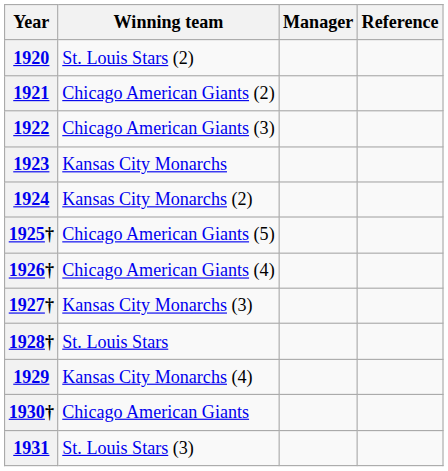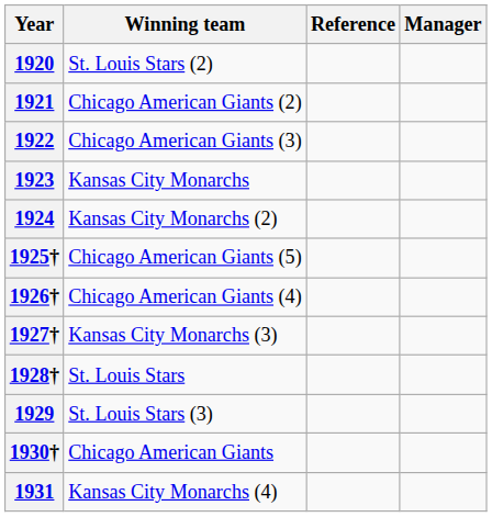 <table class="wikitable sortable plainrowheaders" style="font-size:1.00em; line-height:1.5em;">
 <tr>
 <th scope="col">Year</th>
 <th scope="col">Winning team</th>
+<th scope="col">Reference</th>
 <th scope="col">Manager</th>
-<th scope="col">Reference</th>
 </tr>
 <tr>
 <th scope="row" style="text-align:center"><a href='#'>1920</a></th>
 <td align="left" style="#d0e7ff"><a href='#'>St. Louis Stars</a> (2)</td>
+<td></td>
 <td align="left"></td>
-<td></td>
 </tr>
 <tr>
 <th scope="row" style="text-align:center"><a href='#'>1921</a></th>
 <td align="left"><a href='#'>Chicago American Giants</a> (2)</td>
+<td></td>
 <td align="left"></td>
-<td></td>
 </tr>
 <tr>
 <th scope="row" style="text-align:center"><a href='#'>1922</a></th>
 <td align="left"><a href='#'>Chicago American Giants</a> (3)</td>
+<td></td>
 <td align="left"></td>
-<td></td>
 </tr>
 <tr>
 <th scope="row" style="text-align:center"><a href='#'>1923</a></th>
 <td align="left"><a href='#'>Kansas City Monarchs</a></td>
+<td></td>
 <td align="left"><br> </td>
-<td></td>
 </tr>
 <tr>
 <th scope="row" style="text-align:center"><a href='#'>1924</a></th>
 <td align="left"><a href='#'>Kansas City Monarchs</a> (2)</td>
+<td></td>
 <td align="left"></td>
-<td></td>
 </tr>
 <tr>
 <th scope="row" style="text-align:center"><a href='#'>1925</a>†</th>
 <td align="left"><a href='#'>Chicago American Giants</a> (5)</td>
+<td></td>
 <td align="left"></td>
-<td></td>
 </tr>
 <tr>
 <th scope="row" style="text-align:center"><a href='#'>1926</a>†</th>
 <td align="left"><a href='#'>Chicago American Giants</a> (4)</td>
+<td></td>
 <td align="left"><br></td>
-<td></td>
 </tr>
 <tr>
 <th scope="row" style="text-align:center"><a href='#'>1927</a>†</th>
 <td align="left"><a href='#'>Kansas City Monarchs</a> (3)</td>
+<td></td>
 <td align="left"></td>
-<td></td>
 </tr>
 <tr>
 <th scope="row" style="text-align:center"><a href='#'>1928</a>†</th>
 <td align="left"><a href='#'>St. Louis Stars</a></td>
+<td></td>
 <td align="left"></td>
-<td></td>
 </tr>
 <tr>
 <th scope="row" style="text-align:center"><a href='#'>1929</a></th>
-<td align="left"><a href='#'>Kansas City Monarchs</a> (4)</td>
+<td align="left"><a href='#'>St. Louis Stars</a> (3)</td>
+<td></td>
 <td align="left"></td>
-<td></td>
 </tr>
 <tr>
 <th scope="row" style="text-align:center"><a href='#'>1930</a>†</th>
 <td align="left"><a href='#'>Chicago American Giants</a></td>
+<td></td>
 <td align="left"></td>
-<td></td>
 </tr>
 <tr>
 <th scope="row" style="text-align:center"><a href='#'>1931</a></th>
-<td align="left"><a href='#'>St. Louis Stars</a> (3)</td>
+<td align="left"><a href='#'>Kansas City Monarchs</a> (4)</td>
+<td></td>
 <td align="left"></td>
-<td></td>
 </tr>
 </table>
